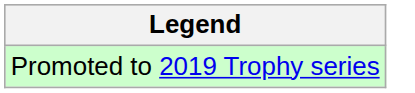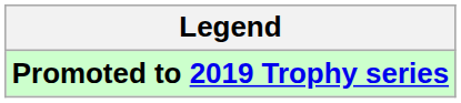 <table class="wikitable">
 <tr>
 <th>Legend</th>
 </tr>
 <tr bgcolor=ccffcc>
-<td>Promoted to <a href='#'>2019 Trophy series</a></td>
+<td><strong>Promoted to <a href='#'>2019 Trophy series</a></strong></td>
 </tr>
 </table>
